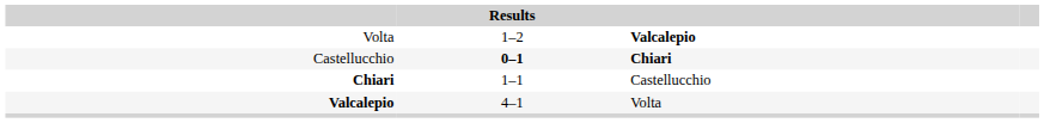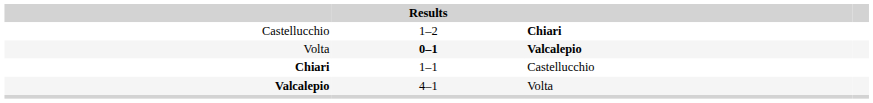 <table align=center style="font-size: 85%; border-collapse:collapse" border=0 cellspacing=0 cellpadding=2 width=60%>
 <tr bgcolor="D3D3D3">
 <th align=right></th>
 <th align=center>Results</th>
 <th align=left></th>
 <th align=center></th>
 </tr>
 <tr bgcolor=#FFFFFF>
-<td align=right>Volta</td>
+<td align=right>Castellucchio</td>
 <td align=center>1–2</td>
-<td><strong>Valcalepio</strong></td>
+<td><strong>Chiari</strong></td>
 <td align=center></td>
 </tr>
 <tr bgcolor=#F5F5F5>
-<td align=right>Castellucchio</td>
+<td align=right>Volta</td>
 <td align=center><strong>0–1</strong></td>
-<td><strong>Chiari</strong></td>
+<td><strong>Valcalepio</strong></td>
 <td align=center></td>
 </tr>
 <tr bgcolor=#FFFFFF>
 <td align=right><strong>Chiari</strong></td>
 <td align=center>1–1</td>
 <td>Castellucchio</td>
 <td align=center></td>
 </tr>
 <tr bgcolor=#F5F5F5>
 <td align=right><strong>Valcalepio</strong></td>
 <td align=center>4–1</td>
 <td>Volta</td>
 <td align=center></td>
 </tr>
 <tr align=center style="background:#D3D3D3;">
 <td></td>
 <td></td>
 <td></td>
 <td></td>
 </tr>
 </table>
